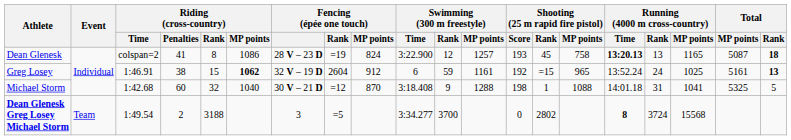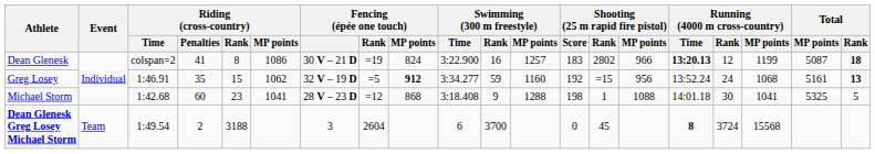 <table class=wikitable style=font-size:90%;text-align:center>
 <tr>
 <th rowspan=2>Athlete</th>
 <th rowspan=2>Event</th>
 <th colspan=4>Riding<br>(cross-country)</th>
 <th colspan=3>Fencing<br>(épée one touch)</th>
 <th colspan=3>Swimming<br>(300 m freestyle)</th>
 <th colspan=3>Shooting<br>(25 m rapid fire pistol)</th>
 <th colspan=3>Running<br>(4000 m cross-country)</th>
 <th colspan=2>Total</th>
 </tr>
 <tr style=font-size:95%>
 <th>Time</th>
 <th>Penalties</th>
 <th>Rank</th>
 <th>MP points</th>
 <th></th>
 <th>Rank</th>
 <th>MP points</th>
 <th>Time</th>
 <th>Rank</th>
 <th>MP points</th>
 <th>Score</th>
 <th>Rank</th>
 <th>MP points</th>
 <th>Time</th>
 <th>Rank</th>
 <th>MP points</th>
 <th>MP points</th>
 <th>Rank</th>
 </tr>
 <tr>
 <td align=left><a href='#'>Dean Glenesk</a></td>
 <td align=left rowspan=3><a href='#'>Individual</a></td>
 <td>colspan=2 </td>
 <td>41</td>
 <td>8</td>
 <td>1086</td>
-<td>28 <strong>V</strong> – 23 <strong>D</strong></td>
+<td>30 <strong>V</strong> – 21 <strong>D</strong></td>
 <td>=19</td>
 <td>824</td>
 <td>3:22.900</td>
+<td>16</td>
+<td>1257</td>
+<td>183</td>
+<td>2802</td>
+<td>966</td>
+<td><strong>13:20.13</strong></td>
 <td>12</td>
-<td>1257</td>
-<td>193</td>
-<td>45</td>
-<td>758</td>
-<td><strong>13:20.13</strong></td>
-<td>13</td>
-<td>1165</td>
+<td>1199</td>
 <td>5087</td>
 <td><strong>18</strong></td>
 </tr>
 <tr>
 <td align=left><a href='#'>Greg Losey</a></td>
 <td>1:46.91</td>
-<td>38</td>
+<td>35</td>
 <td>15</td>
-<td><strong>1062</strong></td>
+<td>1062</td>
 <td>32 <strong>V</strong> – 19 <strong>D</strong></td>
-<td>2604</td>
-<td>912</td>
-<td>6</td>
+<td>=5</td>
+<td><strong>912</strong></td>
+<td>3:34.277</td>
 <td>59</td>
-<td>1161</td>
+<td>1160</td>
 <td>192</td>
 <td>=15</td>
-<td>965</td>
+<td>956</td>
 <td>13:52.24</td>
 <td>24</td>
-<td>1025</td>
+<td>1068</td>
 <td>5161</td>
 <td><strong>13</strong></td>
 </tr>
 <tr>
 <td align=left><a href='#'>Michael Storm</a></td>
 <td>1:42.68</td>
 <td>60</td>
-<td>32</td>
-<td>1040</td>
-<td>30 <strong>V</strong> – 21 <strong>D</strong></td>
+<td>23</td>
+<td>1041</td>
+<td>28 <strong>V</strong> – 23 <strong>D</strong></td>
 <td>=12</td>
-<td>870</td>
+<td>868</td>
 <td>3:18.408</td>
 <td>9</td>
 <td>1288</td>
 <td>198</td>
 <td>1</td>
 <td>1088</td>
 <td>14:01.18</td>
-<td>31</td>
+<td>30</td>
 <td>1041</td>
 <td>5325</td>
 <td>5</td>
 </tr>
 <tr>
 <td align=left><strong><a href='#'>Dean Glenesk</a><br><a href='#'>Greg Losey</a><br><a href='#'>Michael Storm</a></strong></td>
 <td align=left><a href='#'>Team</a></td>
 <td>1:49.54</td>
 <td>2</td>
 <td>3188</td>
 <td></td>
 <td>3</td>
-<td>=5</td>
+<td>2604</td>
 <td></td>
-<td>3:34.277</td>
+<td>6</td>
 <td>3700</td>
 <td></td>
 <td>0</td>
-<td>2802</td>
+<td>45</td>
 <td></td>
 <td><strong>8</strong></td>
 <td>3724</td>
 <td>15568</td>
 <td></td>
 </tr>
 </table>
